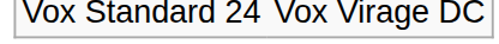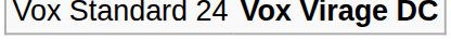 <table class="wikitable" style="clear:right;float:right;padding:0;margin:-2ex 0 1ex 1em;">
 <tr style="" align="center">
 <td style="border:0;padding:3px;"></td>
 <td style="border:0;padding:3px;"></td>
 </tr>
 <tr style="font-size:90%;text-align:center;">
 <td style="border:0;padding-left:3px;">Vox Standard 24</td>
-<td style="border:0;padding-left:3px;">Vox Virage DC</td>
+<td style="border:0;padding-left:3px;"><strong>Vox Virage DC</strong></td>
 </tr>
 </table>
